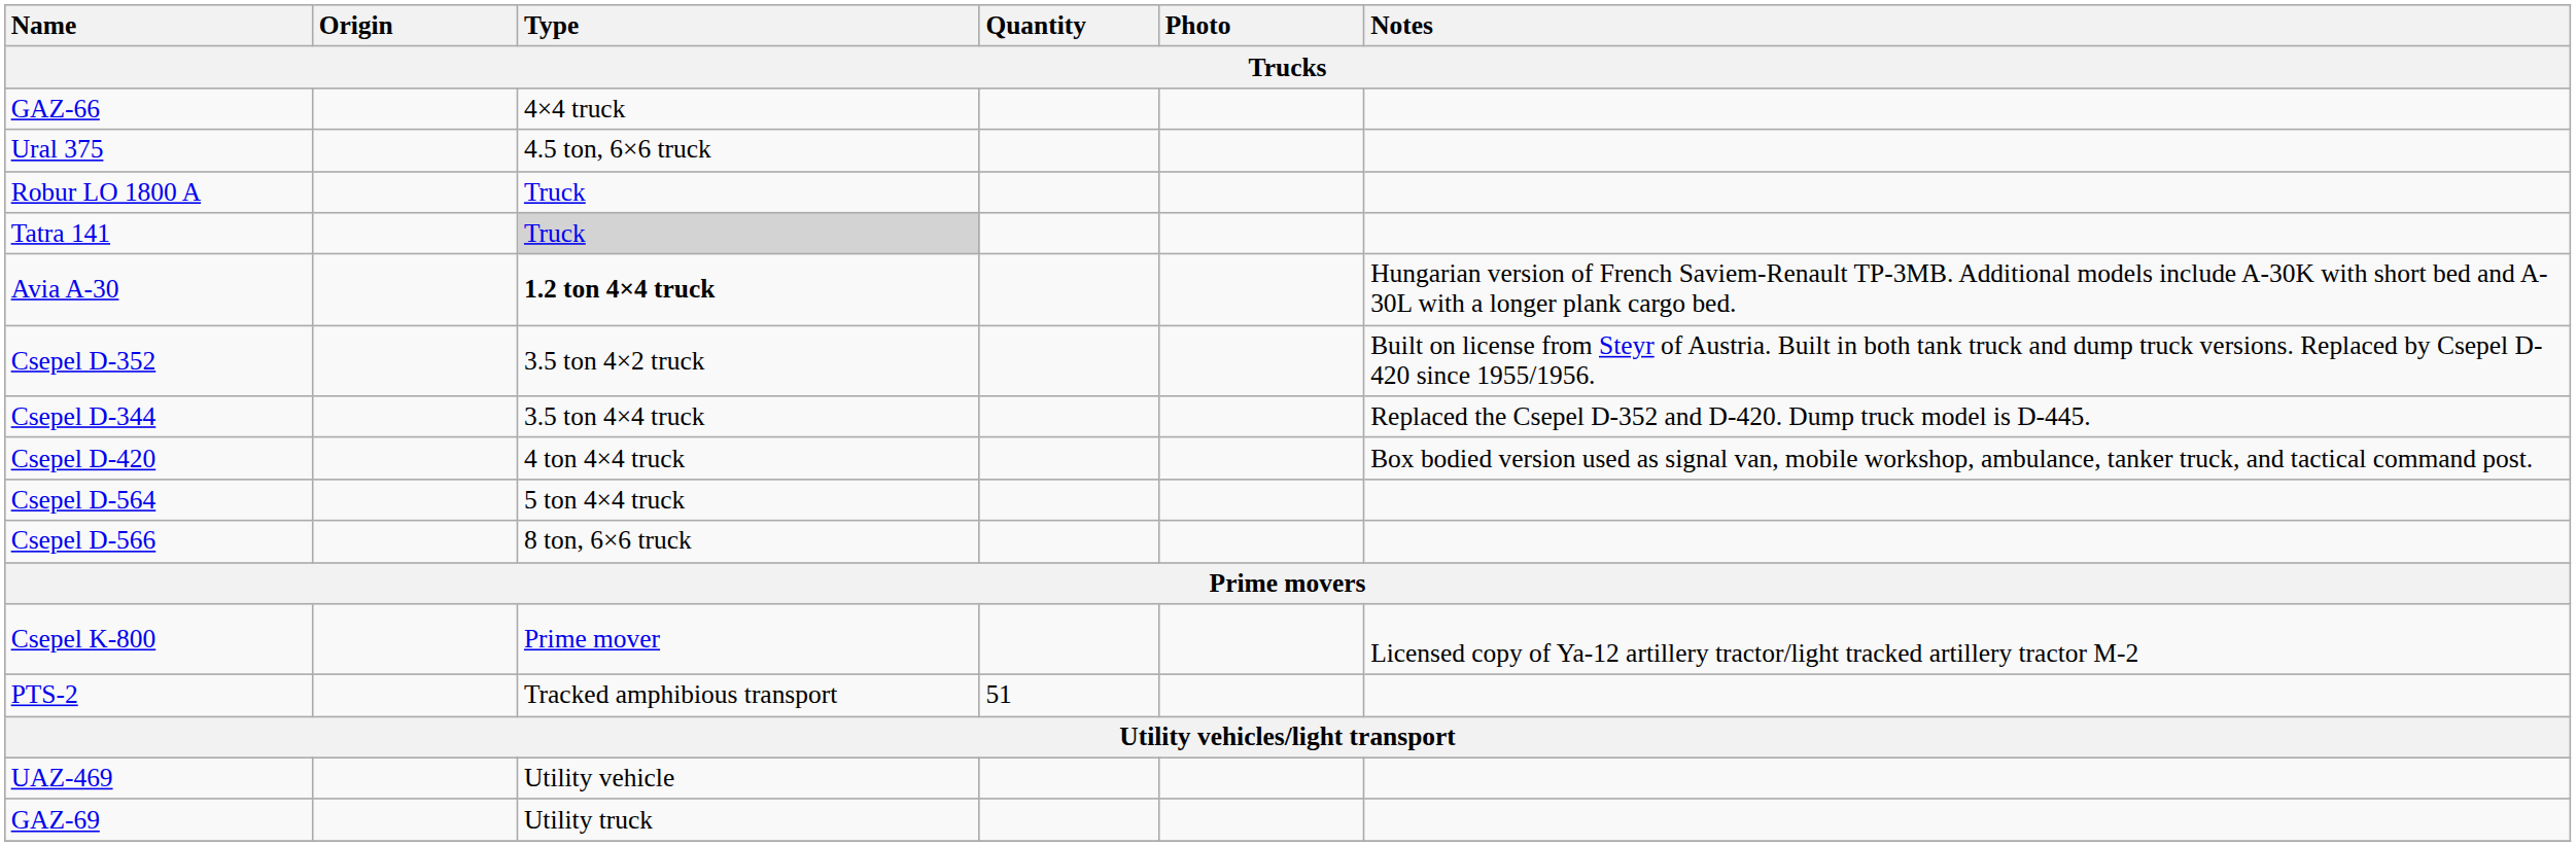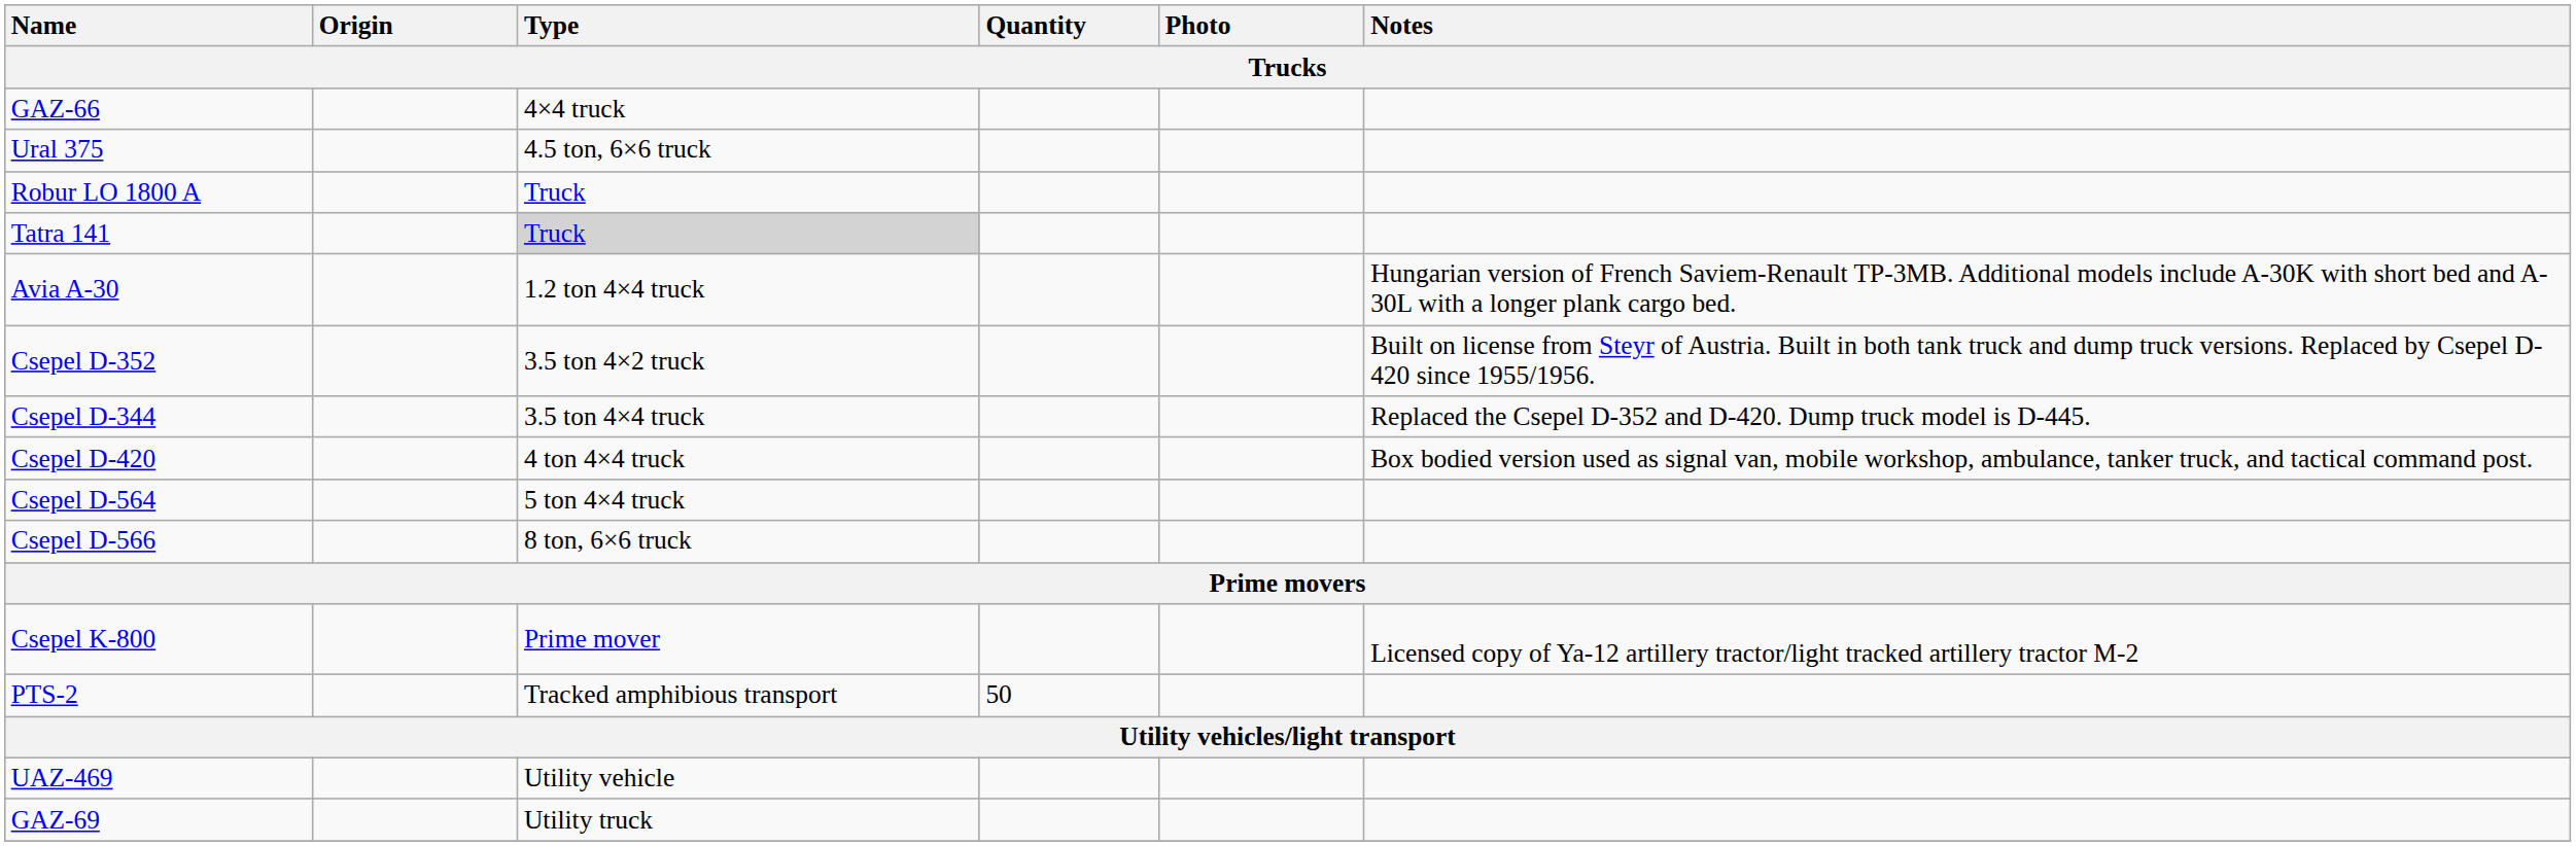 <table class="wikitable">
 <tr>
 <th style="text-align: left; width:12%;">Name</th>
 <th style="text-align: left; width:8%;">Origin</th>
 <th style="text-align: left; width:18%;">Type</th>
 <th style="text-align: left; width:7%;">Quantity</th>
 <th style="text-align: left;width:8%;">Photo</th>
 <th style="text-align: left;width:47%;">Notes</th>
 </tr>
 <tr>
 <th style="align: center;" colspan="7">Trucks</th>
 </tr>
 <tr>
 <td><a href='#'>GAZ-66</a></td>
 <td></td>
 <td>4×4 truck</td>
 <td></td>
 <td></td>
 <td><br></td>
 </tr>
 <tr>
 <td><a href='#'>Ural 375</a></td>
 <td></td>
 <td>4.5 ton, 6×6 truck</td>
 <td></td>
 <td></td>
 <td></td>
 </tr>
 <tr>
 <td><a href='#'>Robur LO 1800 A</a></td>
 <td></td>
 <td><a href='#'>Truck</a></td>
 <td></td>
 <td></td>
 <td><br></td>
 </tr>
 <tr>
 <td><a href='#'>Tatra 141</a></td>
 <td></td>
 <td style="background: lightgrey;"><a href='#'>Truck</a></td>
 <td></td>
 <td></td>
 <td><br></td>
 </tr>
 <tr>
 <td><a href='#'>Avia A-30</a></td>
 <td></td>
-<td><strong>1.2 ton 4×4 truck</strong></td>
+<td>1.2 ton 4×4 truck</td>
 <td></td>
 <td></td>
 <td>Hungarian version of French Saviem-Renault TP-3MB. Additional models include A-30K with short bed and A-30L with a longer plank cargo bed.</td>
 </tr>
 <tr>
 <td><a href='#'>Csepel D-352</a></td>
 <td></td>
 <td>3.5 ton 4×2 truck</td>
 <td></td>
 <td></td>
 <td>Built on license from <a href='#'>Steyr</a> of Austria. Built in both tank truck and dump truck versions. Replaced by Csepel D-420 since 1955/1956.</td>
 </tr>
 <tr>
 <td><a href='#'>Csepel D-344</a></td>
 <td></td>
 <td>3.5 ton 4×4 truck</td>
 <td></td>
 <td></td>
 <td>Replaced the Csepel D-352 and D-420. Dump truck model is D-445.</td>
 </tr>
 <tr>
 <td><a href='#'>Csepel D-420</a></td>
 <td></td>
 <td>4 ton 4×4 truck</td>
 <td></td>
 <td></td>
 <td>Box bodied version used as signal van, mobile workshop, ambulance, tanker truck, and tactical command post.</td>
 </tr>
 <tr>
 <td><a href='#'>Csepel D-564</a></td>
 <td></td>
 <td>5 ton 4×4 truck</td>
 <td></td>
 <td></td>
 <td></td>
 </tr>
 <tr>
 <td><a href='#'>Csepel D-566</a></td>
 <td></td>
 <td>8 ton, 6×6 truck</td>
 <td></td>
 <td></td>
 <td></td>
 </tr>
 <tr>
 <th style="align: center;" colspan="7">Prime movers</th>
 </tr>
 <tr>
 <td><a href='#'>Csepel K-800</a></td>
 <td></td>
 <td><a href='#'>Prime mover</a></td>
 <td></td>
 <td></td>
 <td><br>Licensed copy of  Ya-12 artillery tractor/light tracked artillery tractor M-2</td>
 </tr>
 <tr>
 <td><a href='#'>PTS-2</a></td>
 <td></td>
 <td>Tracked amphibious transport</td>
-<td>51</td>
+<td>50</td>
 <td></td>
 <td></td>
 </tr>
 <tr>
 <th style="align: center;" colspan="7">Utility vehicles/light transport</th>
 </tr>
 <tr>
 <td><a href='#'>UAZ-469</a></td>
 <td></td>
 <td>Utility vehicle</td>
 <td></td>
 <td></td>
 <td></td>
 </tr>
 <tr>
 <td><a href='#'>GAZ-69</a></td>
 <td></td>
 <td>Utility truck</td>
 <td></td>
 <td></td>
 <td></td>
 </tr>
 <tr>
 </tr>
 </table>
